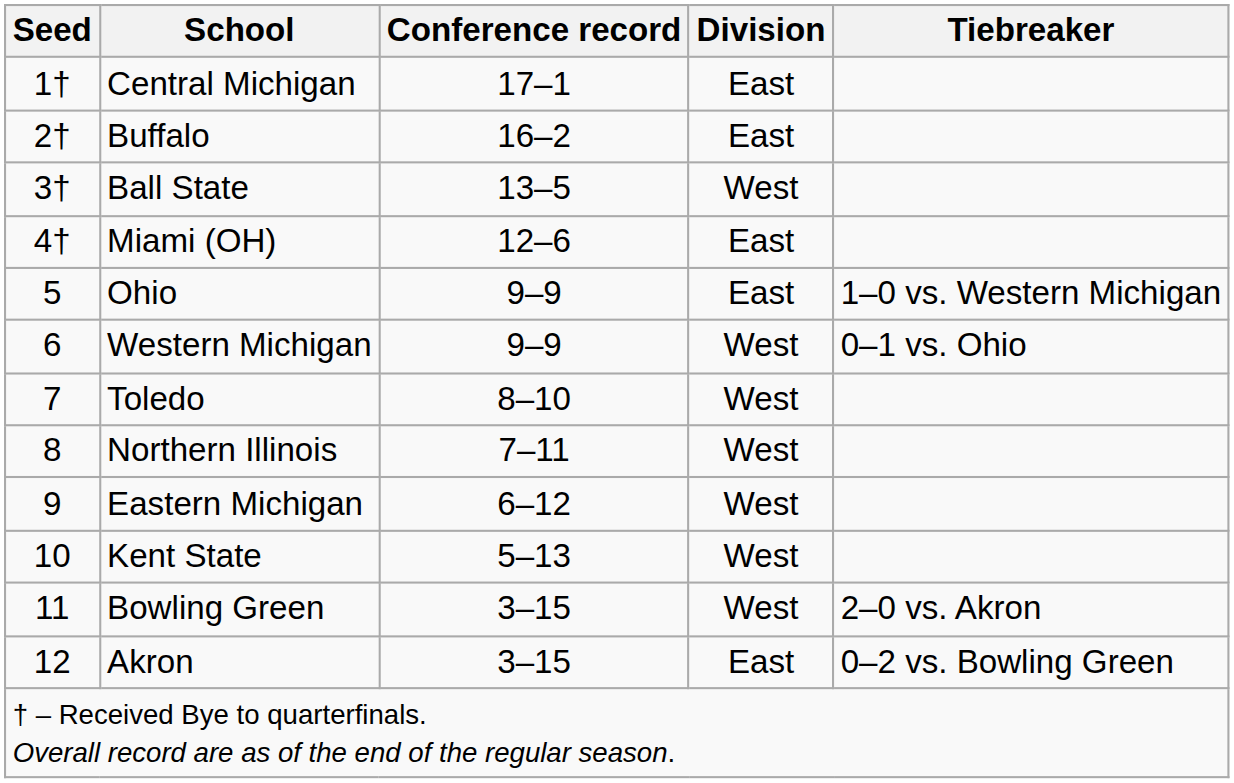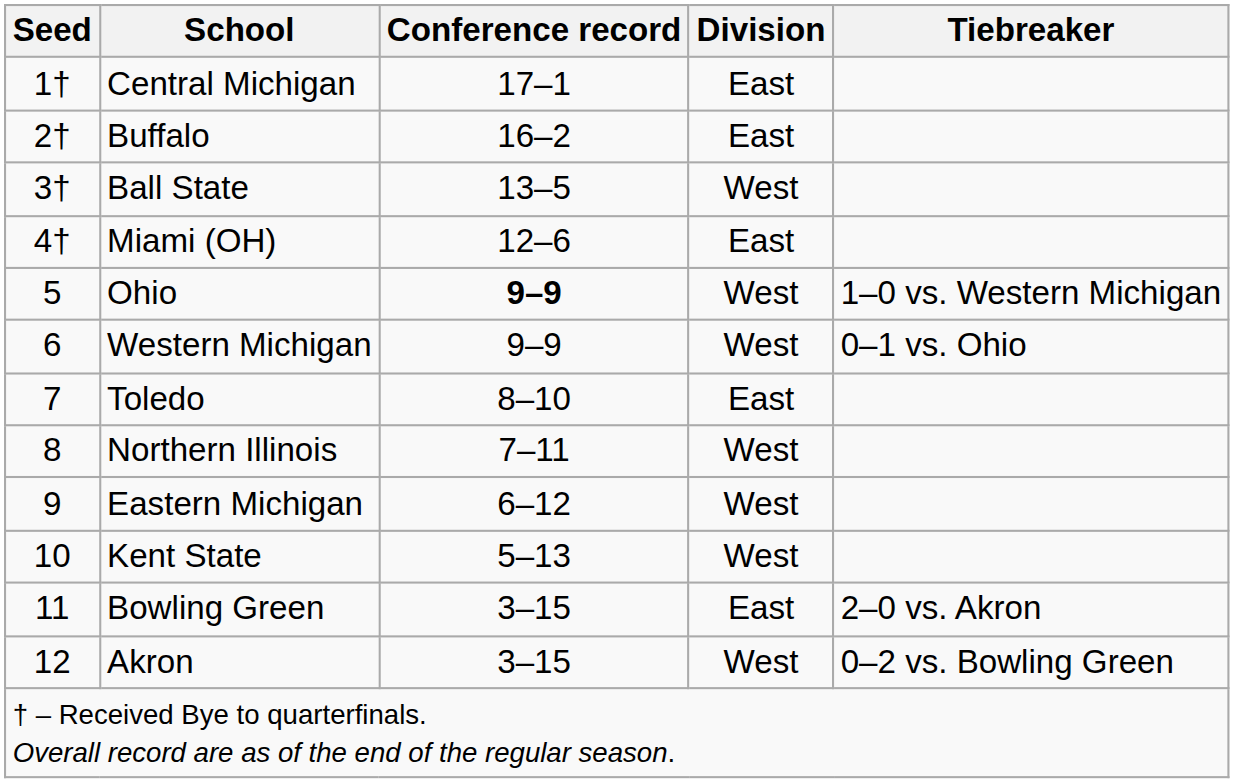 <table class="wikitable" style="text-align:center">
 <tr>
 <th>Seed</th>
 <th>School</th>
 <th>Conference record</th>
 <th>Division</th>
 <th>Tiebreaker</th>
 </tr>
 <tr>
 <td>1†</td>
 <td align=left>Central Michigan</td>
 <td>17–1</td>
 <td>East</td>
 <td align=left></td>
 </tr>
 <tr>
 <td>2†</td>
 <td align=left>Buffalo</td>
 <td>16–2</td>
 <td>East</td>
 <td align=left></td>
 </tr>
 <tr>
 <td>3†</td>
 <td align=left>Ball State</td>
 <td>13–5</td>
 <td>West</td>
 <td align=left></td>
 </tr>
 <tr>
 <td>4†</td>
 <td align=left>Miami (OH)</td>
 <td>12–6</td>
 <td>East</td>
 <td align=left></td>
 </tr>
 <tr>
 <td>5</td>
 <td align=left>Ohio</td>
-<td>9–9</td>
-<td>East</td>
+<td><strong>9–9</strong></td>
+<td>West</td>
 <td align=left>1–0 vs. Western Michigan</td>
 </tr>
 <tr>
 <td>6</td>
 <td align=left>Western Michigan</td>
 <td>9–9</td>
 <td>West</td>
 <td align=left>0–1 vs. Ohio</td>
 </tr>
 <tr>
 <td>7</td>
 <td align=left>Toledo</td>
 <td>8–10</td>
-<td>West</td>
+<td>East</td>
 <td align=left></td>
 </tr>
 <tr>
 <td>8</td>
 <td align=left>Northern Illinois</td>
 <td>7–11</td>
 <td>West</td>
 <td align=left></td>
 </tr>
 <tr>
 <td>9</td>
 <td align=left>Eastern Michigan</td>
 <td>6–12</td>
 <td>West</td>
 <td align=left></td>
 </tr>
 <tr>
 <td>10</td>
 <td align=left>Kent State</td>
 <td>5–13</td>
 <td>West</td>
 <td align=left></td>
 </tr>
 <tr>
 <td>11</td>
 <td align=left>Bowling Green</td>
 <td>3–15</td>
-<td>West</td>
+<td>East</td>
 <td align=left>2–0 vs. Akron</td>
 </tr>
 <tr>
 <td>12</td>
 <td align=left>Akron</td>
 <td>3–15</td>
-<td>East</td>
+<td>West</td>
 <td align=left>0–2 vs. Bowling Green</td>
 </tr>
 <tr>
 <td colspan="5" style="text-align:left;"><small>† – Received Bye to quarterfinals. <br><em>Overall record are as of the end of the regular season</em>.</small></td>
 </tr>
 </table>
